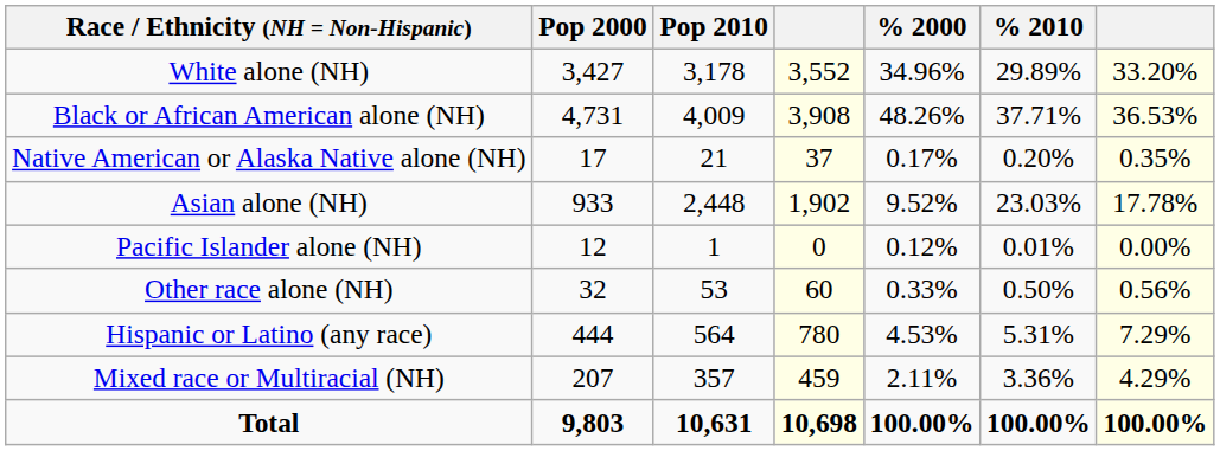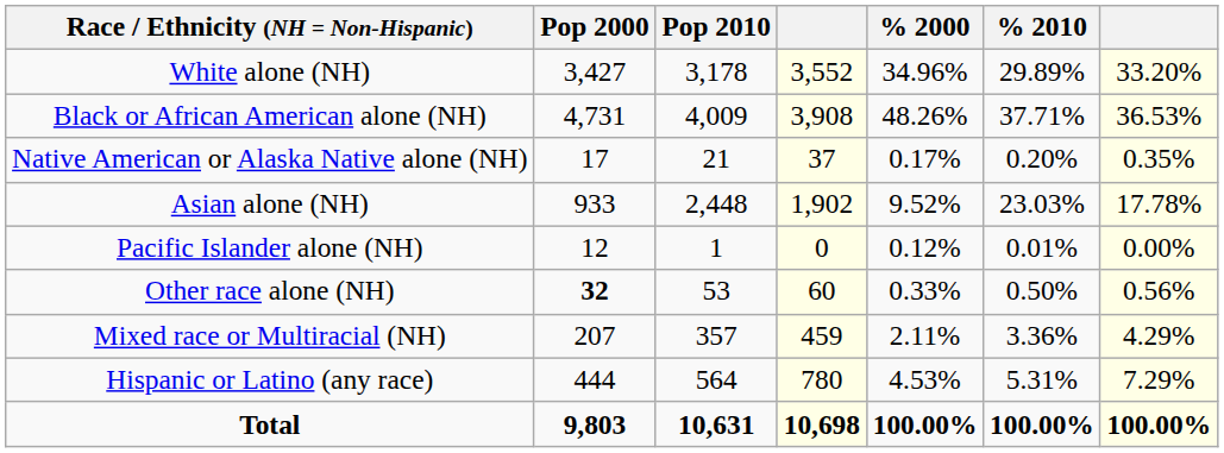 <table class="wikitable" style="text-align:center;">
 <tr>
 <th>Race / Ethnicity <small>(<em>NH = Non-Hispanic</em>)</small></th>
 <th>Pop 2000</th>
 <th>Pop 2010</th>
 <th></th>
 <th>% 2000</th>
 <th>% 2010</th>
 <th></th>
 </tr>
 <tr>
 <td><a href='#'>White</a> alone (NH)</td>
 <td>3,427</td>
 <td>3,178</td>
 <td style='background: #ffffe6;'>3,552</td>
 <td>34.96%</td>
 <td>29.89%</td>
 <td style='background: #ffffe6;'>33.20%</td>
 </tr>
 <tr>
 <td><a href='#'>Black or African American</a> alone (NH)</td>
 <td>4,731</td>
 <td>4,009</td>
 <td style='background: #ffffe6;'>3,908</td>
 <td>48.26%</td>
 <td>37.71%</td>
 <td style='background: #ffffe6;'>36.53%</td>
 </tr>
 <tr>
 <td><a href='#'>Native American</a> or <a href='#'>Alaska Native</a> alone (NH)</td>
 <td>17</td>
 <td>21</td>
 <td style='background: #ffffe6;'>37</td>
 <td>0.17%</td>
 <td>0.20%</td>
 <td style='background: #ffffe6;'>0.35%</td>
 </tr>
 <tr>
 <td><a href='#'>Asian</a> alone (NH)</td>
 <td>933</td>
 <td>2,448</td>
 <td style='background: #ffffe6;'>1,902</td>
 <td>9.52%</td>
 <td>23.03%</td>
 <td style='background: #ffffe6;'>17.78%</td>
 </tr>
 <tr>
 <td><a href='#'>Pacific Islander</a> alone (NH)</td>
 <td>12</td>
 <td>1</td>
 <td style='background: #ffffe6;'>0</td>
 <td>0.12%</td>
 <td>0.01%</td>
 <td style='background: #ffffe6;'>0.00%</td>
 </tr>
 <tr>
 <td><a href='#'>Other race</a> alone (NH)</td>
-<td>32</td>
+<td><strong>32</strong></td>
 <td>53</td>
 <td style='background: #ffffe6;'>60</td>
 <td>0.33%</td>
 <td>0.50%</td>
 <td style='background: #ffffe6;'>0.56%</td>
+</tr>
+<tr>
+<td><a href='#'>Mixed race or Multiracial</a> (NH)</td>
+<td>207</td>
+<td>357</td>
+<td style='background: #ffffe6;'>459</td>
+<td>2.11%</td>
+<td>3.36%</td>
+<td style='background: #ffffe6;'>4.29%</td>
 </tr>
 <tr>
 <td><a href='#'>Hispanic or Latino</a> (any race)</td>
 <td>444</td>
 <td>564</td>
 <td style='background: #ffffe6;'>780</td>
 <td>4.53%</td>
 <td>5.31%</td>
 <td style='background: #ffffe6;'>7.29%</td>
 </tr>
 <tr>
-<td><a href='#'>Mixed race or Multiracial</a> (NH)</td>
-<td>207</td>
-<td>357</td>
-<td style='background: #ffffe6;'>459</td>
-<td>2.11%</td>
-<td>3.36%</td>
-<td style='background: #ffffe6;'>4.29%</td>
-</tr>
-<tr>
 <td><strong>Total</strong></td>
 <td><strong>9,803</strong></td>
 <td><strong>10,631</strong></td>
 <td style='background: #ffffe6;'><strong>10,698</strong></td>
 <td><strong>100.00%</strong></td>
 <td><strong>100.00%</strong></td>
 <td style='background: #ffffe6;'><strong>100.00%</strong></td>
 </tr>
 </table>
